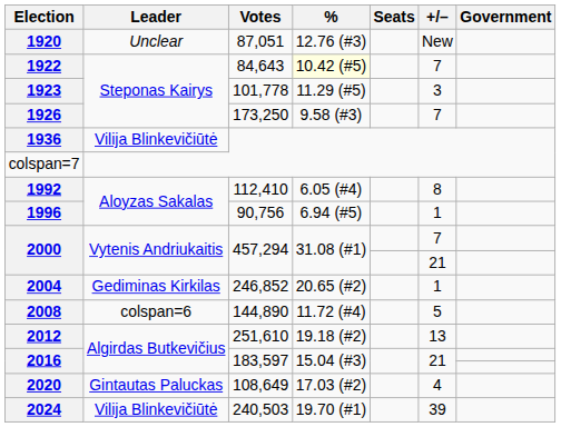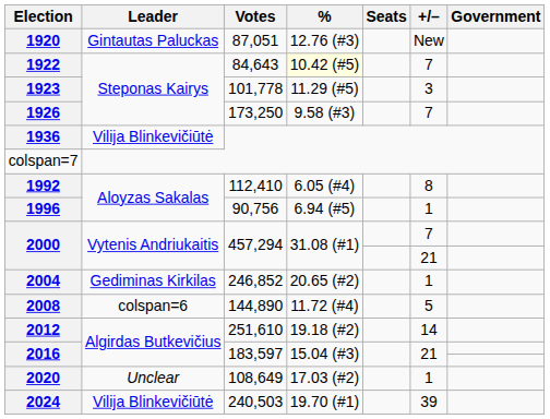 <table class=wikitable style="text-align: center;">
 <tr>
 <th>Election</th>
 <th>Leader</th>
 <th>Votes</th>
 <th>%</th>
 <th>Seats</th>
 <th>+/–</th>
 <th>Government</th>
 </tr>
 <tr>
 <th><a href='#'>1920</a></th>
-<td><em>Unclear</em></td>
+<td><a href='#'>Gintautas Paluckas</a></td>
 <td>87,051</td>
 <td>12.76 (#3)</td>
 <td></td>
 <td>New</td>
 <td></td>
 </tr>
 <tr>
 <th><a href='#'>1922</a></th>
 <td rowspan=3><a href='#'>Steponas Kairys</a></td>
 <td>84,643</td>
 <td style="background: lightyellow;">10.42 (#5)</td>
 <td></td>
 <td> 7</td>
 <td></td>
 </tr>
 <tr>
 <th><a href='#'>1923</a></th>
 <td>101,778</td>
 <td>11.29 (#5)</td>
 <td></td>
 <td> 3</td>
 <td></td>
 </tr>
 <tr>
 <th><a href='#'>1926</a></th>
 <td>173,250</td>
 <td>9.58 (#3)</td>
 <td></td>
 <td> 7</td>
 <td></td>
 </tr>
 <tr>
 <th><a href='#'>1936</a></th>
 <td><a href='#'>Vilija Blinkevičiūtė</a></td>
 </tr>
 <tr>
 <td>colspan=7 </td>
 </tr>
 <tr>
 <th><a href='#'>1992</a></th>
 <td rowspan=2><a href='#'>Aloyzas Sakalas</a></td>
 <td>112,410</td>
 <td>6.05 (#4)</td>
 <td></td>
 <td> 8</td>
 <td></td>
 </tr>
 <tr>
 <th><a href='#'>1996</a></th>
 <td>90,756</td>
 <td>6.94 (#5)</td>
 <td></td>
 <td> 1</td>
 <td></td>
 </tr>
 <tr>
 <th rowspan="2"><a href='#'>2000</a></th>
 <td rowspan="2"><a href='#'>Vytenis Andriukaitis</a></td>
 <td rowspan="2">457,294</td>
 <td rowspan="2">31.08 (#1)</td>
 <td></td>
 <td> 7</td>
 <td></td>
 </tr>
 <tr>
 <td></td>
 <td> 21</td>
 <td></td>
 </tr>
 <tr>
 <th><a href='#'>2004</a></th>
 <td><a href='#'>Gediminas Kirkilas</a></td>
 <td>246,852</td>
 <td>20.65 (#2)</td>
 <td></td>
 <td> 1</td>
 <td></td>
 </tr>
 <tr>
 <th><a href='#'>2008</a></th>
 <td>colspan=6 </td>
 <td>144,890</td>
 <td>11.72 (#4)</td>
 <td></td>
 <td> 5</td>
 <td></td>
 </tr>
 <tr>
 <th><a href='#'>2012</a></th>
 <td rowspan="3"><a href='#'>Algirdas Butkevičius</a></td>
 <td>251,610</td>
 <td>19.18 (#2)</td>
 <td></td>
-<td> 13</td>
+<td> 14</td>
 <td></td>
 </tr>
 <tr>
 <th rowspan="2"><a href='#'>2016</a></th>
 <td rowspan="2">183,597</td>
 <td rowspan="2">15.04 (#3)</td>
 <td rowspan="2"></td>
 <td rowspan="2"> 21</td>
 <td></td>
 </tr>
 <tr>
 <td></td>
 </tr>
 <tr>
 <th><a href='#'>2020</a></th>
-<td><a href='#'>Gintautas Paluckas</a></td>
+<td><em>Unclear</em></td>
 <td>108,649</td>
 <td>17.03 (#2)</td>
 <td></td>
-<td> 4</td>
+<td> 1</td>
 <td></td>
 </tr>
 <tr>
 <th><a href='#'>2024</a></th>
 <td><a href='#'>Vilija Blinkevičiūtė</a></td>
 <td>240,503</td>
 <td>19.70 (#1)</td>
 <td></td>
 <td> 39</td>
 <td></td>
 </tr>
 </table>
